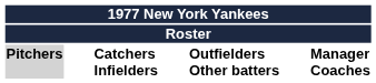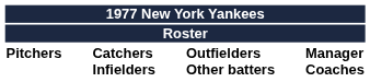 <table class="toccolours" style="font-size: 95%;">
 <tr>
 <th colspan="10" style="background-color: #1c2841; color: white; text-align: center;">1977 New York Yankees</th>
 </tr>
 <tr>
 <td colspan="10" style="background-color:#1c2841; color: white; text-align: center;"><strong>Roster</strong></td>
 </tr>
 <tr>
-<td valign="top" style="background: lightgrey;"><strong>Pitchers</strong><br>            </td>
+<td valign="top"><strong>Pitchers</strong><br>            </td>
 <td width="25px"></td>
 <td valign="top"><strong>Catchers</strong><br>    <strong>Infielders</strong>        </td>
 <td width="25px"></td>
 <td valign="top"><strong>Outfielders</strong><br>          <strong>Other batters</strong> </td>
 <td width="25px"></td>
 <td valign="top"><strong>Manager</strong><br> <strong>Coaches</strong>      </td>
 </tr>
 </table>
